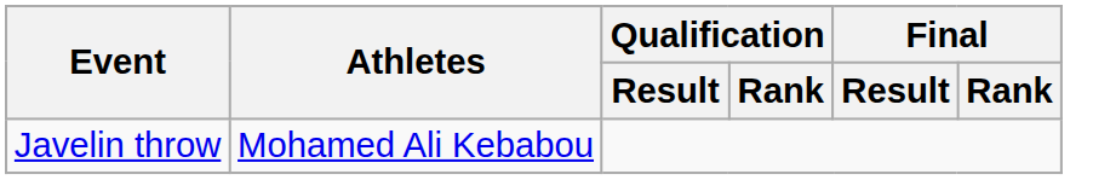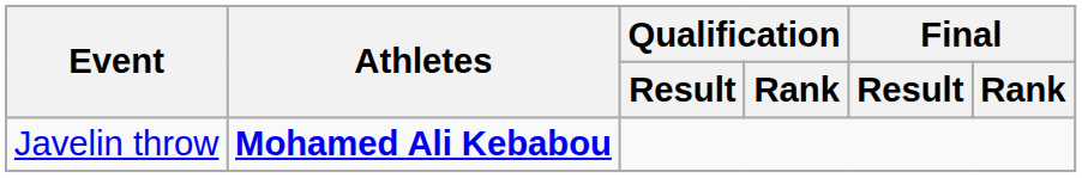 <table class="wikitable" border="1" style="font-size:90%">
 <tr>
 <th rowspan="2">Event</th>
 <th rowspan="2">Athletes</th>
 <th colspan="2">Qualification</th>
 <th colspan="2">Final</th>
 </tr>
 <tr>
 <th>Result</th>
 <th>Rank</th>
 <th>Result</th>
 <th>Rank</th>
 </tr>
 <tr>
 <td><a href='#'>Javelin throw</a></td>
-<td><a href='#'>Mohamed Ali Kebabou</a></td>
+<td><strong><a href='#'>Mohamed Ali Kebabou</a></strong></td>
 <td align=center colspan="4"></td>
 </tr>
 </table>
